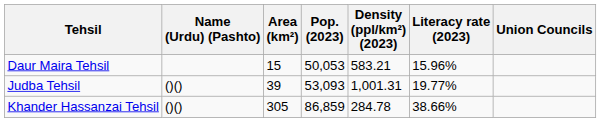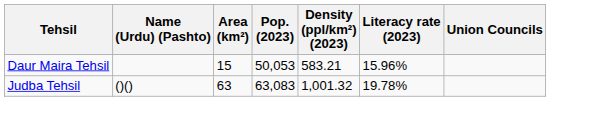 <table class="wikitable sortable static-row-numbers static-row-header-hash">
 <tr>
 <th>Tehsil</th>
 <th>Name<br>(Urdu) (Pashto)</th>
 <th>Area<br>(km²)</th>
 <th>Pop.<br>(2023)</th>
 <th>Density<br>(ppl/km²)<br>(2023)</th>
 <th>Literacy rate<br>(2023)</th>
 <th>Union Councils</th>
 </tr>
 <tr>
 <td><a href='#'>Daur Maira Tehsil</a></td>
 <td></td>
 <td>15</td>
 <td>50,053</td>
 <td>583.21</td>
 <td>15.96%</td>
 <td></td>
 </tr>
 <tr>
 <td><a href='#'>Judba Tehsil</a></td>
 <td>()()</td>
-<td>39</td>
-<td>53,093</td>
-<td>1,001.31</td>
-<td>19.77%</td>
-<td></td>
-</tr>
-<tr>
-<td><a href='#'>Khander Hassanzai Tehsil</a></td>
-<td>()()</td>
-<td>305</td>
-<td>86,859</td>
-<td>284.78</td>
-<td>38.66%</td>
+<td>63</td>
+<td>63,083</td>
+<td>1,001.32</td>
+<td>19.78%</td>
 <td></td>
 </tr>
 </table>
